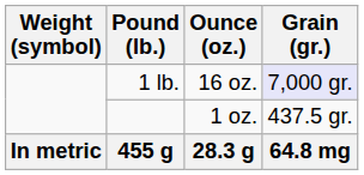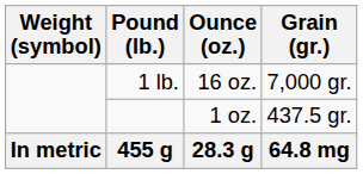 <table class="wikitable floatleft">
 <tr>
 <th>Weight<br>(symbol)</th>
 <th>Pound<br>(lb.)</th>
 <th>Ounce<br>(oz.)</th>
 <th>Grain<br>(gr.)</th>
 </tr>
 <tr align="right">
 <td rowspan="2"></td>
 <td>1 lb.</td>
 <td>16 oz.</td>
-<td style="background: lavender;">7,000 gr.</td>
+<td>7,000 gr.</td>
 </tr>
 <tr align="right">
 <td></td>
 <td>1 oz.</td>
 <td>437.5 gr.</td>
 </tr>
 <tr align="center">
 <th>In metric</th>
 <th>455 g</th>
 <th>28.3 g</th>
 <th>64.8 mg</th>
 </tr>
 </table>
